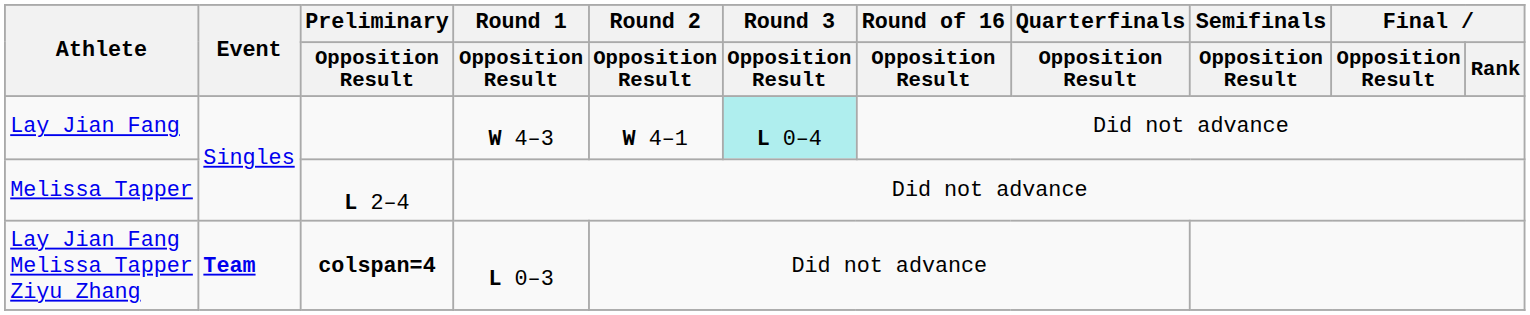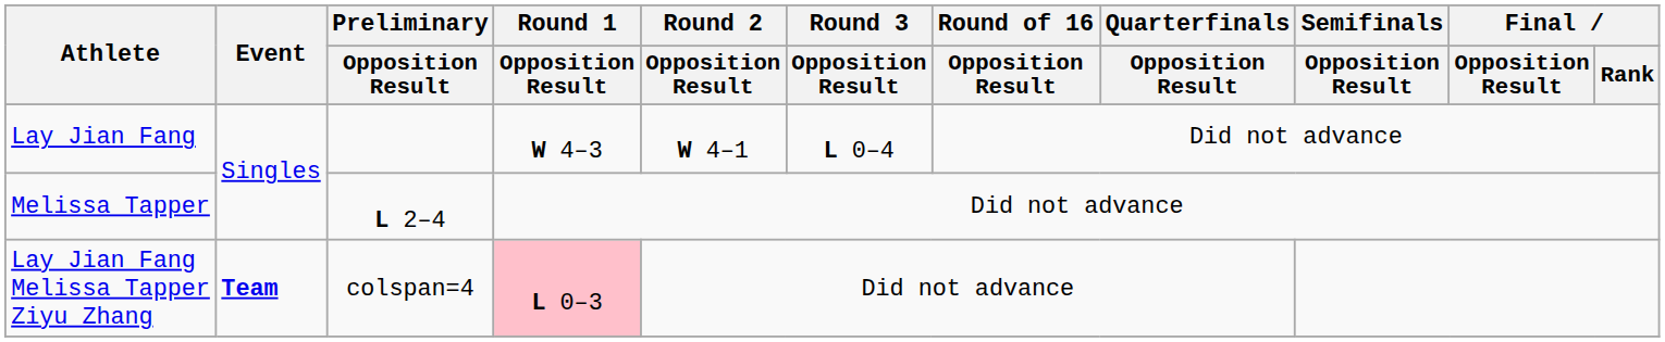 <table class="wikitable" style="font-size:90%;">
 <tr>
 <th rowspan=2>Athlete</th>
 <th rowspan=2>Event</th>
 <th>Preliminary</th>
 <th>Round 1</th>
 <th>Round 2</th>
 <th>Round 3</th>
 <th>Round of 16</th>
 <th>Quarterfinals</th>
 <th>Semifinals</th>
 <th colspan=2>Final / </th>
 </tr>
 <tr style="font-size:95%">
 <th>Opposition<br>Result</th>
 <th>Opposition<br>Result</th>
 <th>Opposition<br>Result</th>
 <th>Opposition<br>Result</th>
 <th>Opposition<br>Result</th>
 <th>Opposition<br>Result</th>
 <th>Opposition<br>Result</th>
 <th>Opposition<br>Result</th>
 <th>Rank</th>
 </tr>
 <tr align=center>
 <td align=left><a href='#'>Lay Jian Fang</a></td>
 <td align=left rowspan=2><a href='#'>Singles</a></td>
 <td></td>
 <td><br><strong>W</strong> 4–3</td>
 <td><br><strong>W</strong> 4–1</td>
-<td style="background: paleturquoise;"><br><strong>L</strong> 0–4</td>
+<td><br><strong>L</strong> 0–4</td>
 <td colspan=5>Did not advance</td>
 </tr>
 <tr align=center>
 <td align=left><a href='#'>Melissa Tapper</a></td>
 <td><br><strong>L</strong> 2–4</td>
 <td colspan=8>Did not advance</td>
 </tr>
 <tr align=center>
 <td align=left><a href='#'>Lay Jian Fang</a><br><a href='#'>Melissa Tapper</a><br><a href='#'>Ziyu Zhang</a></td>
 <td align=left><strong><a href='#'>Team</a></strong></td>
-<td><strong>colspan=4 </strong></td>
-<td><br><strong>L</strong> 0–3</td>
+<td>colspan=4 </td>
+<td style="background: pink;"><br><strong>L</strong> 0–3</td>
 <td colspan=4>Did not advance</td>
 </tr>
 </table>
